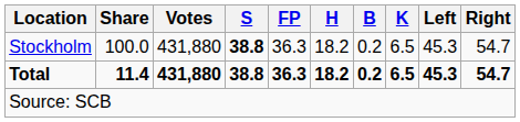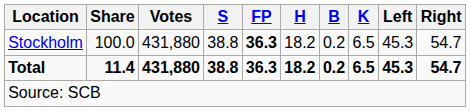 <table class="wikitable sortable" style=text-align:right>
 <tr>
 <th>Location</th>
 <th>Share</th>
 <th>Votes</th>
 <th><a href='#'>S</a></th>
 <th><a href='#'>FP</a></th>
 <th><a href='#'>H</a></th>
 <th><a href='#'>B</a></th>
 <th><a href='#'>K</a></th>
 <th>Left</th>
 <th>Right</th>
 </tr>
 <tr>
 <td align=left><a href='#'>Stockholm</a></td>
 <td>100.0</td>
 <td>431,880</td>
-<td><strong>38.8</strong></td>
-<td>36.3</td>
+<td>38.8</td>
+<td><strong>36.3</strong></td>
 <td>18.2</td>
 <td>0.2</td>
 <td>6.5</td>
 <td>45.3</td>
 <td>54.7</td>
 </tr>
 <tr>
 <td align=left><strong>Total</strong></td>
 <td><strong>11.4</strong></td>
 <td><strong>431,880</strong></td>
 <td><strong>38.8</strong></td>
 <td><strong>36.3</strong></td>
 <td><strong>18.2</strong></td>
 <td><strong>0.2</strong></td>
 <td><strong>6.5</strong></td>
 <td><strong>45.3</strong></td>
 <td><strong>54.7</strong></td>
 </tr>
 <tr>
 <td align=left colspan=10>Source: SCB </td>
 </tr>
 </table>
